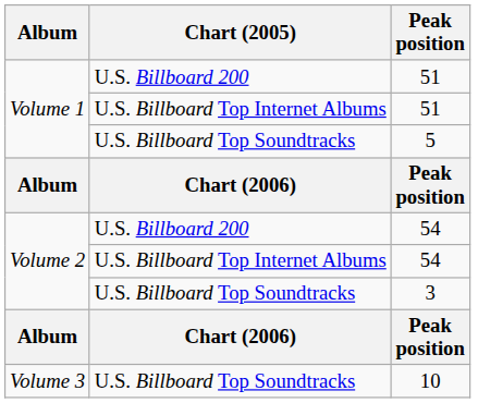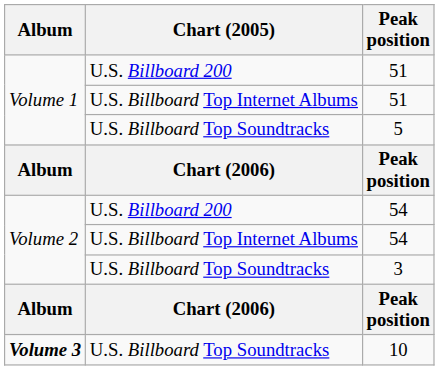 <table class="wikitable">
 <tr>
 <th align="left">Album</th>
 <th align="left">Chart (2005)</th>
 <th style="text-align:center;">Peak <br>position</th>
 </tr>
 <tr>
 <td style="text-align:left;" rowspan="3"><em>Volume 1</em></td>
 <td align="left">U.S. <em><a href='#'>Billboard 200</a></em></td>
 <td style="text-align:center;">51</td>
 </tr>
 <tr>
 <td align="left">U.S. <em>Billboard</em> <a href='#'>Top Internet Albums</a></td>
 <td style="text-align:center;">51</td>
 </tr>
 <tr>
 <td align="left">U.S. <em>Billboard</em> <a href='#'>Top Soundtracks</a></td>
 <td style="text-align:center;">5</td>
 </tr>
 <tr>
 <th align="left">Album</th>
 <th align="left">Chart (2006)</th>
 <th style="text-align:center;">Peak <br>position</th>
 </tr>
 <tr>
 <td style="text-align:left;" rowspan="3"><em>Volume 2</em></td>
 <td align="left">U.S. <em><a href='#'>Billboard 200</a></em></td>
 <td style="text-align:center;">54</td>
 </tr>
 <tr>
 <td align="left">U.S. <em>Billboard</em> <a href='#'>Top Internet Albums</a></td>
 <td style="text-align:center;">54</td>
 </tr>
 <tr>
 <td align="left">U.S. <em>Billboard</em> <a href='#'>Top Soundtracks</a></td>
 <td style="text-align:center;">3</td>
 </tr>
 <tr>
 <th align="left">Album</th>
 <th align="left">Chart (2006)</th>
 <th style="text-align:center;">Peak <br>position</th>
 </tr>
 <tr>
-<td style="text-align:left;" rowspan="1"><em>Volume 3</em></td>
+<td style="text-align:left;" rowspan="1"><strong><em>Volume 3</em></strong></td>
 <td align="left">U.S. <em>Billboard</em> <a href='#'>Top Soundtracks</a></td>
 <td style="text-align:center;">10</td>
 </tr>
 </table>
